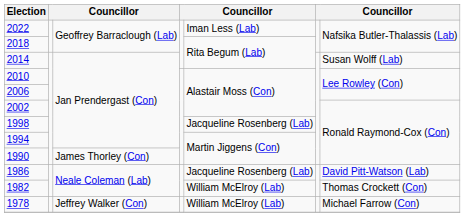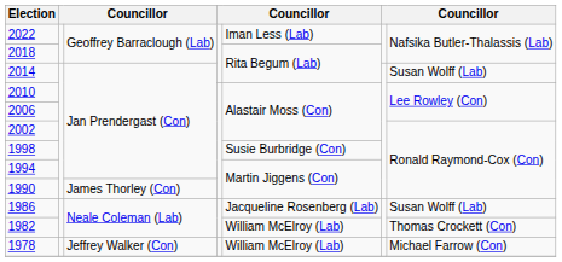 <table class="wikitable">
 <tr>
 <th>Election</th>
 <th colspan="2">Councillor</th>
 <th colspan="2">Councillor</th>
 <th colspan="2">Councillor</th>
 </tr>
 <tr>
 <td><a href='#'>2022</a></td>
 <td rowspan=2; style="background-color: "></td>
 <td rowspan=2>Geoffrey Barraclough (<a href='#'>Lab</a>)</td>
 <td rowspan=3; style="background-color: "></td>
 <td>Iman Less (<a href='#'>Lab</a>)</td>
 <td rowspan=2; style="background-color: "></td>
 <td rowspan=2>Nafsika Butler-Thalassis (<a href='#'>Lab</a>)</td>
 </tr>
 <tr>
 <td><a href='#'>2018</a></td>
 <td rowspan=2>Rita Begum (<a href='#'>Lab</a>)</td>
 </tr>
 <tr>
 <td><a href='#'>2014</a></td>
 <td rowspan=7; style="background-color: "></td>
 <td rowspan=6>Jan Prendergast (<a href='#'>Con</a>)</td>
 <td rowspan=7; style="background-color: "></td>
 <td>Susan Wolff (<a href='#'>Lab</a>)</td>
 </tr>
 <tr>
 <td><a href='#'>2010</a></td>
 <td rowspan=6; style="background-color: "></td>
 <td rowspan=3>Alastair Moss (<a href='#'>Con</a>)</td>
 <td rowspan=2><a href='#'>Lee Rowley</a> (<a href='#'>Con</a>)</td>
 </tr>
 <tr>
 <td><a href='#'>2006</a></td>
 </tr>
 <tr>
 <td><a href='#'>2002</a></td>
 <td rowspan=4>Ronald Raymond-Cox (<a href='#'>Con</a>)</td>
 </tr>
 <tr>
 <td><a href='#'>1998</a></td>
-<td>Jacqueline Rosenberg (<a href='#'>Lab</a>)</td>
+<td>Susie Burbridge (<a href='#'>Con</a>)</td>
 </tr>
 <tr>
 <td><a href='#'>1994</a></td>
 <td rowspan=2>Martin Jiggens (<a href='#'>Con</a>)</td>
 </tr>
 <tr>
 <td><a href='#'>1990</a></td>
 <td>James Thorley (<a href='#'>Con</a>)</td>
 </tr>
 <tr>
 <td><a href='#'>1986</a></td>
 <td rowspan=2; style="background-color: "></td>
 <td rowspan=2><a href='#'>Neale Coleman</a> (<a href='#'>Lab</a>)</td>
 <td rowspan=2; style="background-color: "></td>
 <td>Jacqueline Rosenberg (<a href='#'>Lab</a>)</td>
 <td rowspan=2; style="background-color: "></td>
-<td><a href='#'>David Pitt-Watson</a> (<a href='#'>Lab</a>)</td>
+<td>Susan Wolff (<a href='#'>Lab</a>)</td>
 </tr>
 <tr>
 <td><a href='#'>1982</a></td>
 <td>William McElroy (<a href='#'>Lab</a>)</td>
 <td>Thomas Crockett (<a href='#'>Con</a>)</td>
 </tr>
 <tr>
 <td><a href='#'>1978</a></td>
 <td style="background-color: "></td>
 <td>Jeffrey Walker (<a href='#'>Con</a>)</td>
 <td style="background-color: "></td>
 <td>William McElroy (<a href='#'>Lab</a>)</td>
 <td style="background-color: "></td>
 <td>Michael Farrow (<a href='#'>Con</a>)</td>
 </tr>
 <tr>
 </tr>
 </table>
